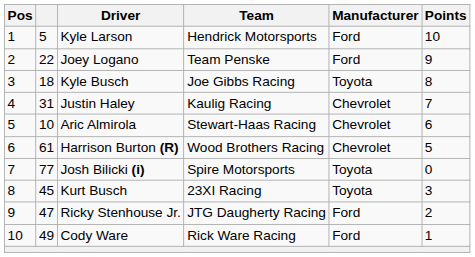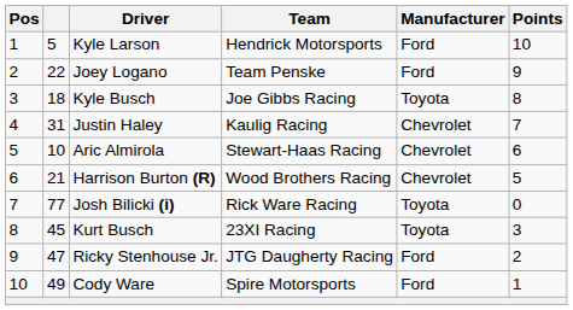 <table class="wikitable" style="font-size:98%">
 <tr>
 <th>Pos</th>
 <th></th>
 <th>Driver</th>
 <th>Team</th>
 <th>Manufacturer</th>
 <th>Points</th>
 </tr>
 <tr>
 <td>1</td>
 <td>5</td>
 <td>Kyle Larson</td>
 <td>Hendrick Motorsports</td>
 <td>Ford</td>
 <td>10</td>
 </tr>
 <tr>
 <td>2</td>
 <td>22</td>
 <td>Joey Logano</td>
 <td>Team Penske</td>
 <td>Ford</td>
 <td>9</td>
 </tr>
 <tr>
 <td>3</td>
 <td>18</td>
 <td>Kyle Busch</td>
 <td>Joe Gibbs Racing</td>
 <td>Toyota</td>
 <td>8</td>
 </tr>
 <tr>
 <td>4</td>
 <td>31</td>
 <td>Justin Haley</td>
 <td>Kaulig Racing</td>
 <td>Chevrolet</td>
 <td>7</td>
 </tr>
 <tr>
 <td>5</td>
 <td>10</td>
 <td>Aric Almirola</td>
 <td>Stewart-Haas Racing</td>
 <td>Chevrolet</td>
 <td>6</td>
 </tr>
 <tr>
 <td>6</td>
-<td>61</td>
+<td>21</td>
 <td>Harrison Burton <strong>(R)</strong></td>
 <td>Wood Brothers Racing</td>
 <td>Chevrolet</td>
 <td>5</td>
 </tr>
 <tr>
 <td>7</td>
 <td>77</td>
 <td>Josh Bilicki <strong>(i)</strong></td>
-<td>Spire Motorsports</td>
+<td>Rick Ware Racing</td>
 <td>Toyota</td>
 <td>0</td>
 </tr>
 <tr>
 <td>8</td>
 <td>45</td>
 <td>Kurt Busch</td>
 <td>23XI Racing</td>
 <td>Toyota</td>
 <td>3</td>
 </tr>
 <tr>
 <td>9</td>
 <td>47</td>
 <td>Ricky Stenhouse Jr.</td>
 <td>JTG Daugherty Racing</td>
 <td>Ford</td>
 <td>2</td>
 </tr>
 <tr>
 <td>10</td>
 <td>49</td>
 <td>Cody Ware</td>
-<td>Rick Ware Racing</td>
+<td>Spire Motorsports</td>
 <td>Ford</td>
 <td>1</td>
 </tr>
 <tr>
 <th colspan="6"></th>
 </tr>
 </table>
